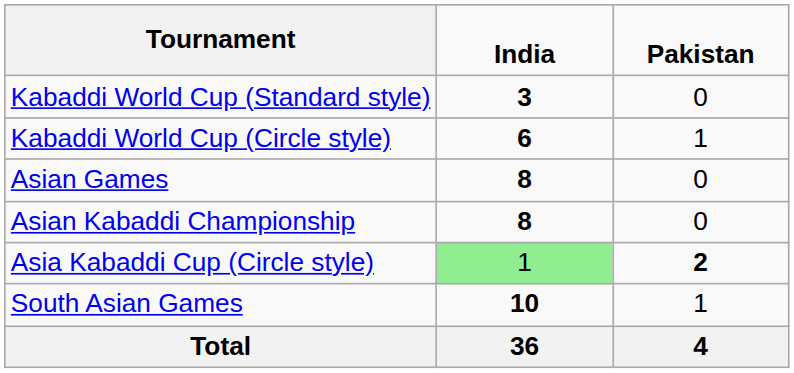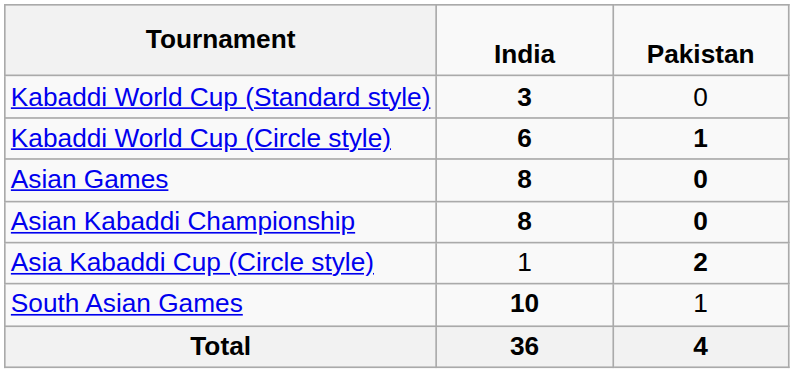 <table class="wikitable" " style="text-align:center">
 <tr>
 <th>Tournament</th>
 <td style="width:100px;" style="background-color:#0044AA"><span><br><strong>India</strong> </span></td>
 <td style="width:100px;"style="background-color:green"><span><br><strong>Pakistan</strong> </span></td>
 </tr>
 <tr>
 <td style="text-align:left"><a href='#'>Kabaddi World Cup (Standard style)</a></td>
 <td><strong>3</strong></td>
 <td>0</td>
 </tr>
 <tr>
 <td style="text-align:left"><a href='#'>Kabaddi World Cup (Circle style)</a></td>
 <td><strong>6</strong></td>
-<td>1</td>
+<td><strong>1</strong></td>
 </tr>
 <tr>
 <td style="text-align:left"><a href='#'>Asian Games</a></td>
 <td><strong>8</strong></td>
-<td>0</td>
+<td><strong>0</strong></td>
 </tr>
 <tr>
 <td style="text-align:left"><a href='#'>Asian Kabaddi Championship</a></td>
 <td><strong>8</strong></td>
-<td>0</td>
+<td><strong>0</strong></td>
 </tr>
 <tr>
 <td style="text-align:left"><a href='#'>Asia Kabaddi Cup (Circle style)</a></td>
-<td style="background: lightgreen;">1</td>
+<td>1</td>
 <td><strong>2</strong></td>
 </tr>
 <tr>
 <td style="text-align:left"><a href='#'>South Asian Games</a></td>
 <td><strong>10</strong></td>
 <td>1</td>
 </tr>
 <tr>
 <th>Total</th>
 <th>36</th>
 <th>4</th>
 </tr>
 </table>
